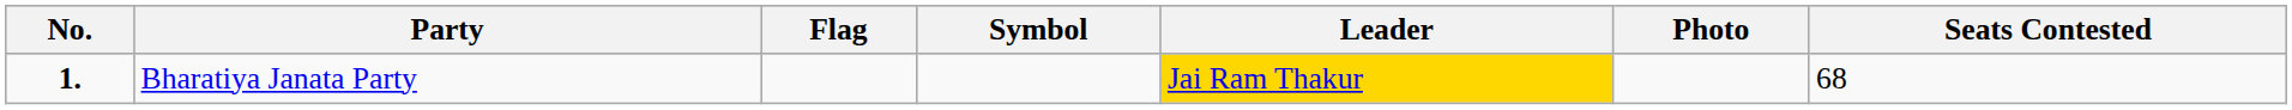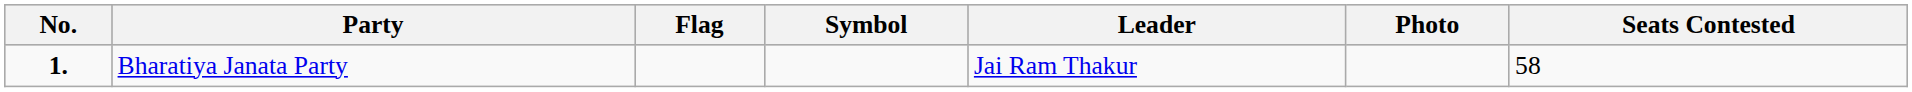 <table class="wikitable"   width="60%">
 <tr>
 <th>No.</th>
 <th>Party</th>
 <th>Flag</th>
 <th>Symbol</th>
 <th>Leader</th>
 <th>Photo</th>
 <th>Seats Contested</th>
 </tr>
 <tr>
 <td ! style="text-align:center; background:"><strong>1.</strong></td>
 <td><a href='#'>Bharatiya Janata Party</a></td>
 <td></td>
 <td></td>
-<td style="background: gold;"><a href='#'>Jai Ram Thakur</a></td>
+<td><a href='#'>Jai Ram Thakur</a></td>
 <td></td>
-<td>68</td>
+<td>58</td>
 </tr>
 </table>
